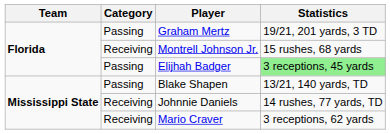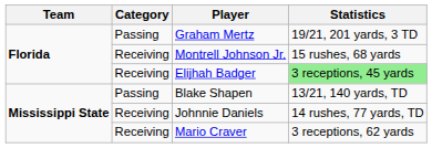 <table class="wikitable" style="float: right;">
 <tr>
 <th>Team</th>
 <th>Category</th>
 <th>Player</th>
 <th>Statistics</th>
 </tr>
 <tr>
 <td rowspan=3><strong>Florida</strong></td>
 <td>Passing</td>
 <td><a href='#'>Graham Mertz</a></td>
 <td>19/21, 201 yards, 3 TD</td>
 </tr>
 <tr>
 <td>Receiving</td>
 <td><a href='#'>Montrell Johnson Jr.</a></td>
 <td>15 rushes, 68 yards</td>
 </tr>
 <tr>
-<td>Passing</td>
+<td>Receiving</td>
 <td><a href='#'>Elijhah Badger</a></td>
 <td style="background: lightgreen;">3 receptions, 45 yards</td>
 </tr>
 <tr>
 <td rowspan=3><strong>Mississippi State</strong></td>
 <td>Passing</td>
 <td>Blake Shapen</td>
 <td>13/21, 140 yards, TD</td>
 </tr>
 <tr>
 <td>Receiving</td>
 <td>Johnnie Daniels</td>
 <td>14 rushes, 77 yards, TD</td>
 </tr>
 <tr>
 <td>Receiving</td>
 <td><a href='#'>Mario Craver</a></td>
 <td>3 receptions, 62 yards</td>
 </tr>
 </table>
